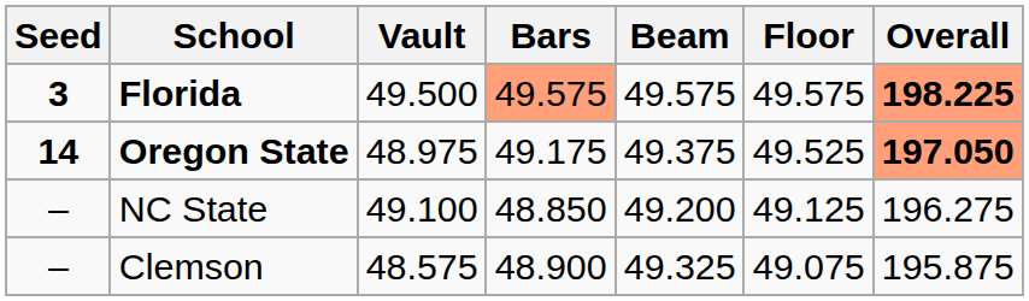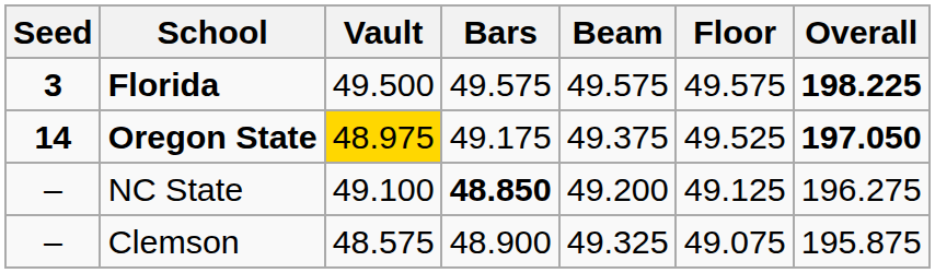 <table class="wikitable" style="white-space:nowrap; font-size:95%; text-align:center">
 <tr>
 <th>Seed</th>
 <th>School</th>
 <th>Vault</th>
 <th>Bars</th>
 <th>Beam</th>
 <th>Floor</th>
 <th>Overall</th>
 </tr>
 <tr>
 <td><strong>3</strong></td>
 <td align=left><strong> Florida</strong></td>
 <td>49.500</td>
-<td style="background: lightsalmon;">49.575</td>
 <td>49.575</td>
 <td>49.575</td>
-<td style="background: lightsalmon;"><strong>198.225</strong></td>
+<td>49.575</td>
+<td><strong>198.225</strong></td>
 </tr>
 <tr>
 </tr>
 <tr>
 <td><strong>14</strong></td>
 <td align=left><strong> Oregon State</strong></td>
-<td>48.975</td>
+<td style="background: gold;">48.975</td>
 <td>49.175</td>
 <td>49.375</td>
 <td>49.525</td>
-<td style="background: lightsalmon;"><strong>197.050</strong></td>
+<td><strong>197.050</strong></td>
 </tr>
 <tr>
 </tr>
 <tr>
 <td>–</td>
 <td align=left>NC State</td>
 <td>49.100</td>
-<td>48.850</td>
+<td><strong>48.850</strong></td>
 <td>49.200</td>
 <td>49.125</td>
 <td>196.275</td>
 </tr>
 <tr>
 </tr>
 <tr>
 <td>–</td>
 <td align=left>Clemson</td>
 <td>48.575</td>
 <td>48.900</td>
 <td>49.325</td>
 <td>49.075</td>
 <td>195.875</td>
 </tr>
 <tr>
 </tr>
 </table>
